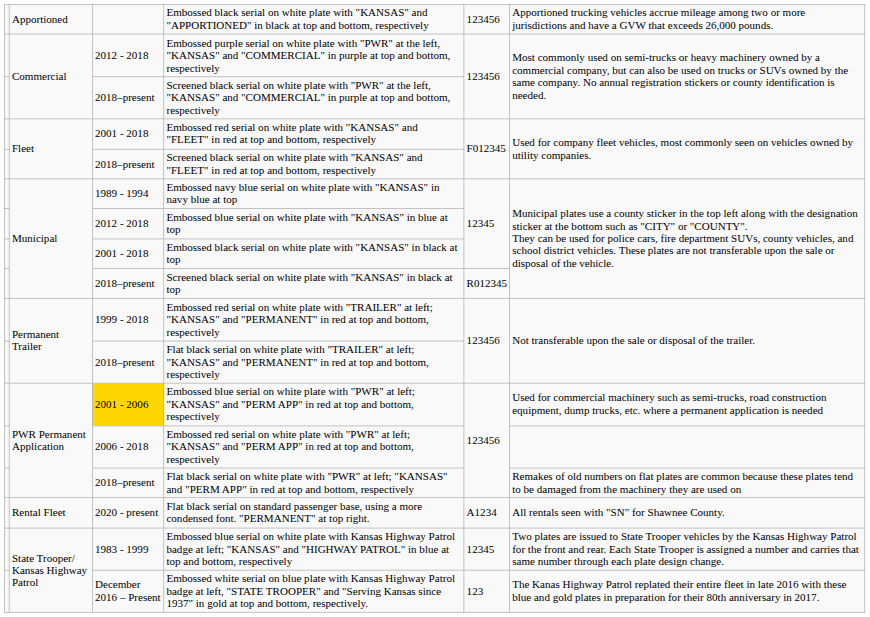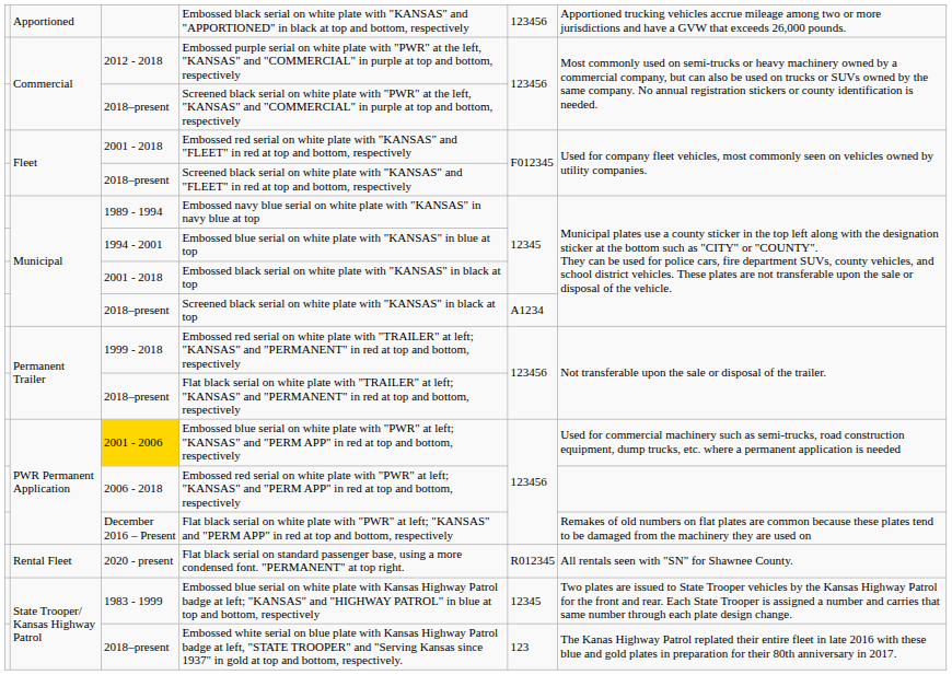 <table class="wikitable">
 <tr>
 <td></td>
 <td>Apportioned</td>
 <td></td>
 <td>Embossed black serial on white plate with "KANSAS" and "APPORTIONED" in black at top and bottom, respectively</td>
 <td>123456</td>
 <td>Apportioned trucking vehicles accrue mileage among two or more jurisdictions and have a GVW that exceeds 26,000 pounds.</td>
 </tr>
 <tr>
 <td></td>
 <td rowspan="2">Commercial</td>
 <td>2012 - 2018</td>
 <td>Embossed purple serial on white plate with "PWR" at the left, "KANSAS" and "COMMERCIAL" in purple at top and bottom, respectively</td>
 <td rowspan="2">123456</td>
 <td rowspan="2">Most commonly used on semi-trucks or heavy machinery owned by a commercial company, but can also be used on trucks or SUVs owned by the same company. No annual registration stickers or county identification is needed.</td>
 </tr>
 <tr>
 <td></td>
 <td>2018–present</td>
 <td>Screened black serial on white plate with "PWR" at the left, "KANSAS" and "COMMERCIAL" in purple at top and bottom, respectively</td>
 </tr>
 <tr>
 <td></td>
 <td rowspan="2">Fleet</td>
 <td>2001 - 2018</td>
 <td>Embossed red serial on white plate with "KANSAS" and "FLEET" in red at top and bottom, respectively</td>
 <td rowspan="2">F012345</td>
 <td rowspan="2">Used for company fleet vehicles, most commonly seen on vehicles owned by utility companies.</td>
 </tr>
 <tr>
 <td></td>
 <td>2018–present</td>
 <td>Screened black serial on white plate with "KANSAS" and "FLEET" in red at top and bottom, respectively</td>
 </tr>
 <tr>
 <td></td>
 <td rowspan="4">Municipal</td>
 <td>1989 - 1994</td>
 <td>Embossed navy blue serial on white plate with "KANSAS" in navy blue at top</td>
 <td rowspan="3">12345</td>
 <td rowspan="4">Municipal plates use a county sticker in the top left along with the designation sticker at the bottom such as "CITY" or "COUNTY".<br>They can be used for police cars, fire department SUVs, county vehicles, and school district vehicles. These plates are not transferable upon the sale or disposal of the vehicle.</td>
 </tr>
 <tr>
 <td></td>
-<td>2012 - 2018</td>
+<td>1994 - 2001</td>
 <td>Embossed blue serial on white plate with "KANSAS" in blue at top</td>
 </tr>
 <tr>
 <td></td>
 <td>2001 - 2018</td>
 <td>Embossed black serial on white plate with "KANSAS" in black at top</td>
 </tr>
 <tr>
 <td></td>
 <td>2018–present</td>
 <td>Screened black serial on white plate with "KANSAS" in black at top</td>
-<td>R012345</td>
+<td>A1234</td>
 </tr>
 <tr>
 <td></td>
 <td rowspan="2">Permanent Trailer</td>
 <td>1999 - 2018</td>
 <td>Embossed red serial on white plate with "TRAILER" at left; "KANSAS" and "PERMANENT" in red at top and bottom, respectively</td>
 <td rowspan="2">123456</td>
 <td rowspan="2">Not transferable upon the sale or disposal of the trailer.</td>
 </tr>
 <tr>
 <td></td>
 <td>2018–present</td>
 <td>Flat black serial on white plate with "TRAILER" at left; "KANSAS" and "PERMANENT" in red at top and bottom, respectively</td>
 </tr>
 <tr>
 <td></td>
 <td rowspan="3">PWR Permanent Application</td>
 <td style="background: gold;">2001 - 2006</td>
 <td>Embossed blue serial on white plate with "PWR" at left; "KANSAS" and "PERM APP" in red at top and bottom, respectively</td>
 <td rowspan="3">123456</td>
 <td>Used for commercial machinery such as semi-trucks, road construction equipment, dump trucks, etc. where a permanent application is needed</td>
 </tr>
 <tr>
 <td></td>
 <td>2006 - 2018</td>
 <td>Embossed red serial on white plate with "PWR" at left; "KANSAS" and "PERM APP" in red at top and bottom, respectively</td>
 <td></td>
 </tr>
 <tr>
 <td></td>
-<td>2018–present</td>
+<td>December 2016 – Present</td>
 <td>Flat black serial on white plate with "PWR" at left; "KANSAS" and "PERM APP" in red at top and bottom, respectively</td>
 <td>Remakes of old numbers on flat plates are common because these plates tend to be damaged from the machinery they are used on</td>
 </tr>
 <tr>
 <td></td>
 <td>Rental Fleet</td>
 <td>2020 - present</td>
 <td>Flat black serial on standard passenger base, using a more condensed font. "PERMANENT" at top right.</td>
-<td>A1234</td>
+<td>R012345</td>
 <td>All rentals seen with "SN" for Shawnee County.</td>
 </tr>
 <tr>
 <td></td>
 <td rowspan="2">State Trooper/<br>Kansas Highway Patrol</td>
 <td>1983 - 1999</td>
 <td>Embossed blue serial on white plate with Kansas Highway Patrol badge at left; "KANSAS" and "HIGHWAY PATROL" in blue at top and bottom, respectively</td>
 <td>12345</td>
 <td>Two plates are issued to State Trooper vehicles by the Kansas Highway Patrol for the front and rear. Each State Trooper is assigned a number and carries that same number through each plate design change.</td>
 </tr>
 <tr>
 <td></td>
-<td>December 2016 – Present</td>
+<td>2018–present</td>
 <td>Embossed white serial on blue plate with Kansas Highway Patrol badge at left, "STATE TROOPER" and "Serving Kansas since 1937" in gold at top and bottom, respectively.</td>
 <td>123</td>
 <td>The Kanas Highway Patrol replated their entire fleet in late 2016 with these blue and gold plates in preparation for their 80th anniversary in 2017.</td>
 </tr>
 </table>
